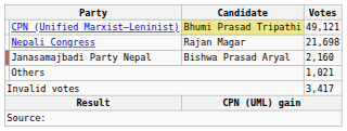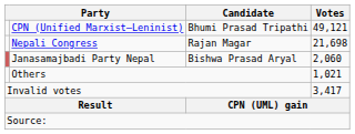 <table class="wikitable">
 <tr>
 <th colspan="2">Party</th>
 <th>Candidate</th>
 <th>Votes</th>
 </tr>
 <tr>
 <td style="background-color:"></td>
 <td><a href='#'>CPN (Unified Marxist–Leninist)</a></td>
-<td style="background: khaki;">Bhumi Prasad Tripathi</td>
+<td>Bhumi Prasad Tripathi</td>
 <td>49,121</td>
 </tr>
 <tr>
 <td style="background-color:"></td>
 <td><a href='#'>Nepali Congress</a></td>
 <td>Rajan Magar</td>
 <td>21,698</td>
 </tr>
 <tr>
 <td style="background-color:indianred"></td>
 <td>Janasamajbadi Party Nepal</td>
 <td>Bishwa Prasad Aryal</td>
-<td>2,160</td>
+<td>2,060</td>
 </tr>
 <tr>
 <td></td>
 <td colspan="2">Others</td>
 <td>1,021</td>
 </tr>
 <tr>
 <td colspan="3">Invalid votes</td>
 <td>3,417</td>
 </tr>
 <tr>
 <th colspan="2">Result</th>
 <th colspan="2">CPN (UML) gain</th>
 </tr>
 <tr>
 <td colspan="4">Source: </td>
 </tr>
 </table>
